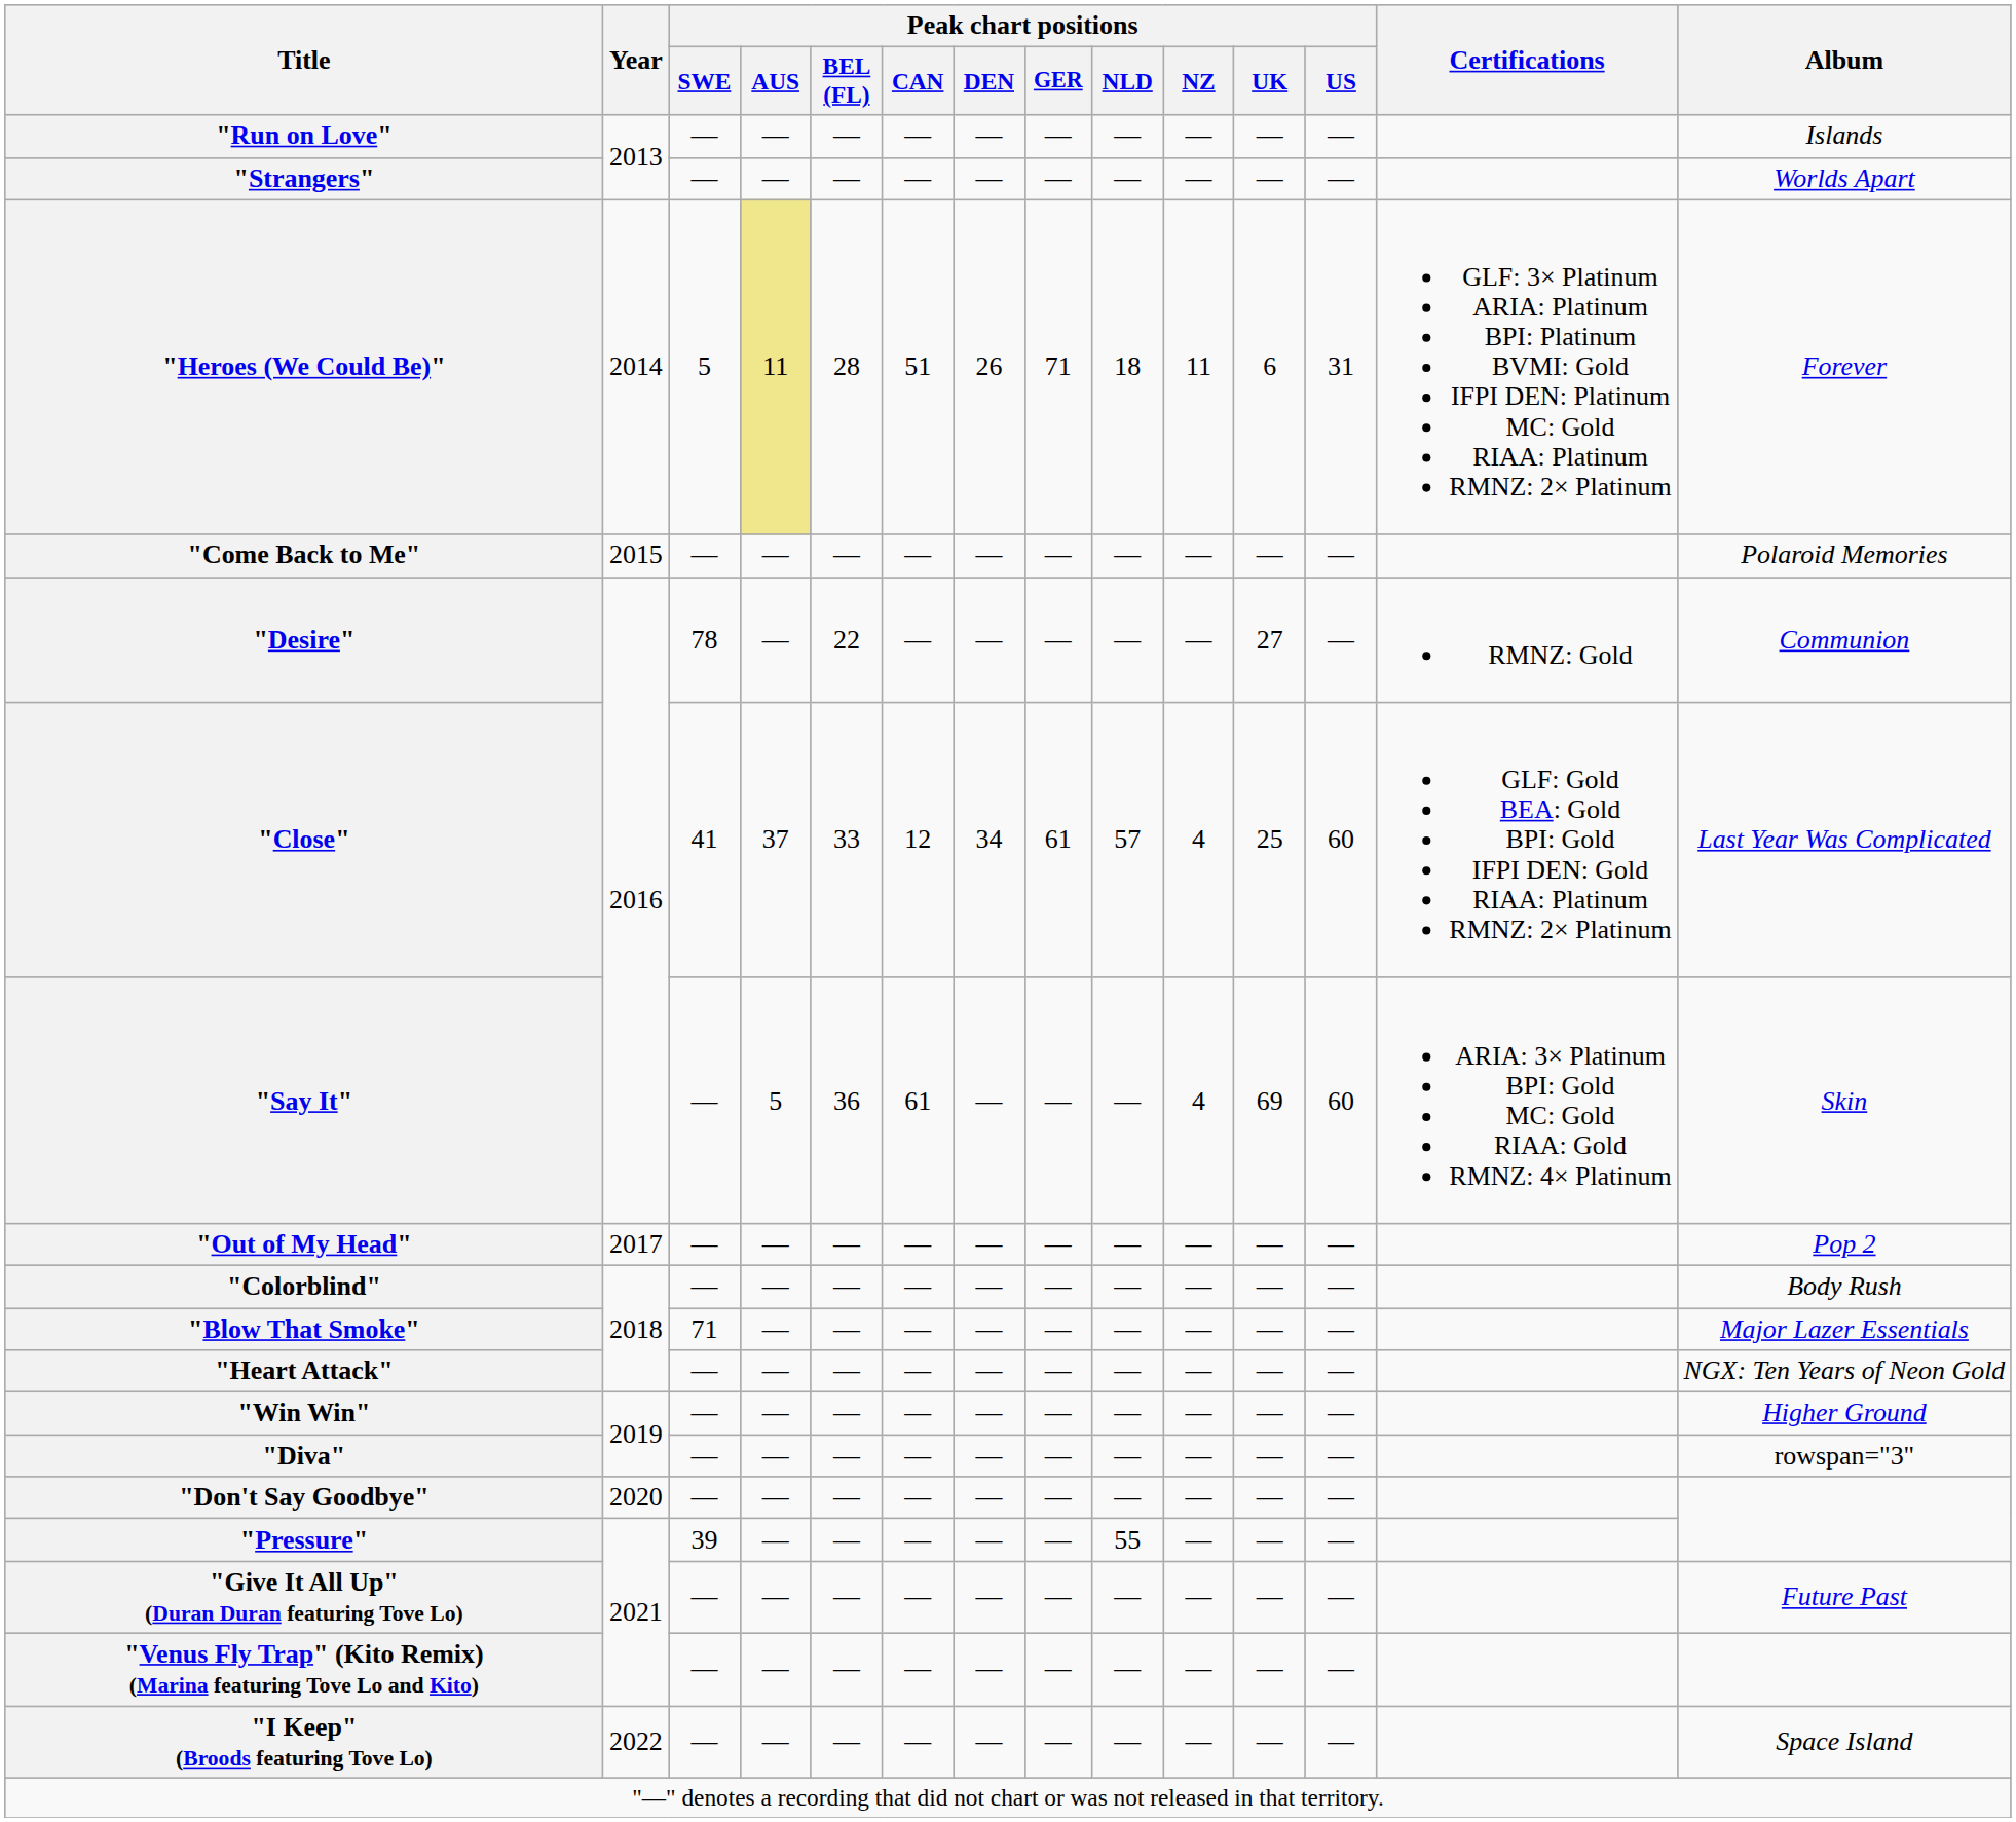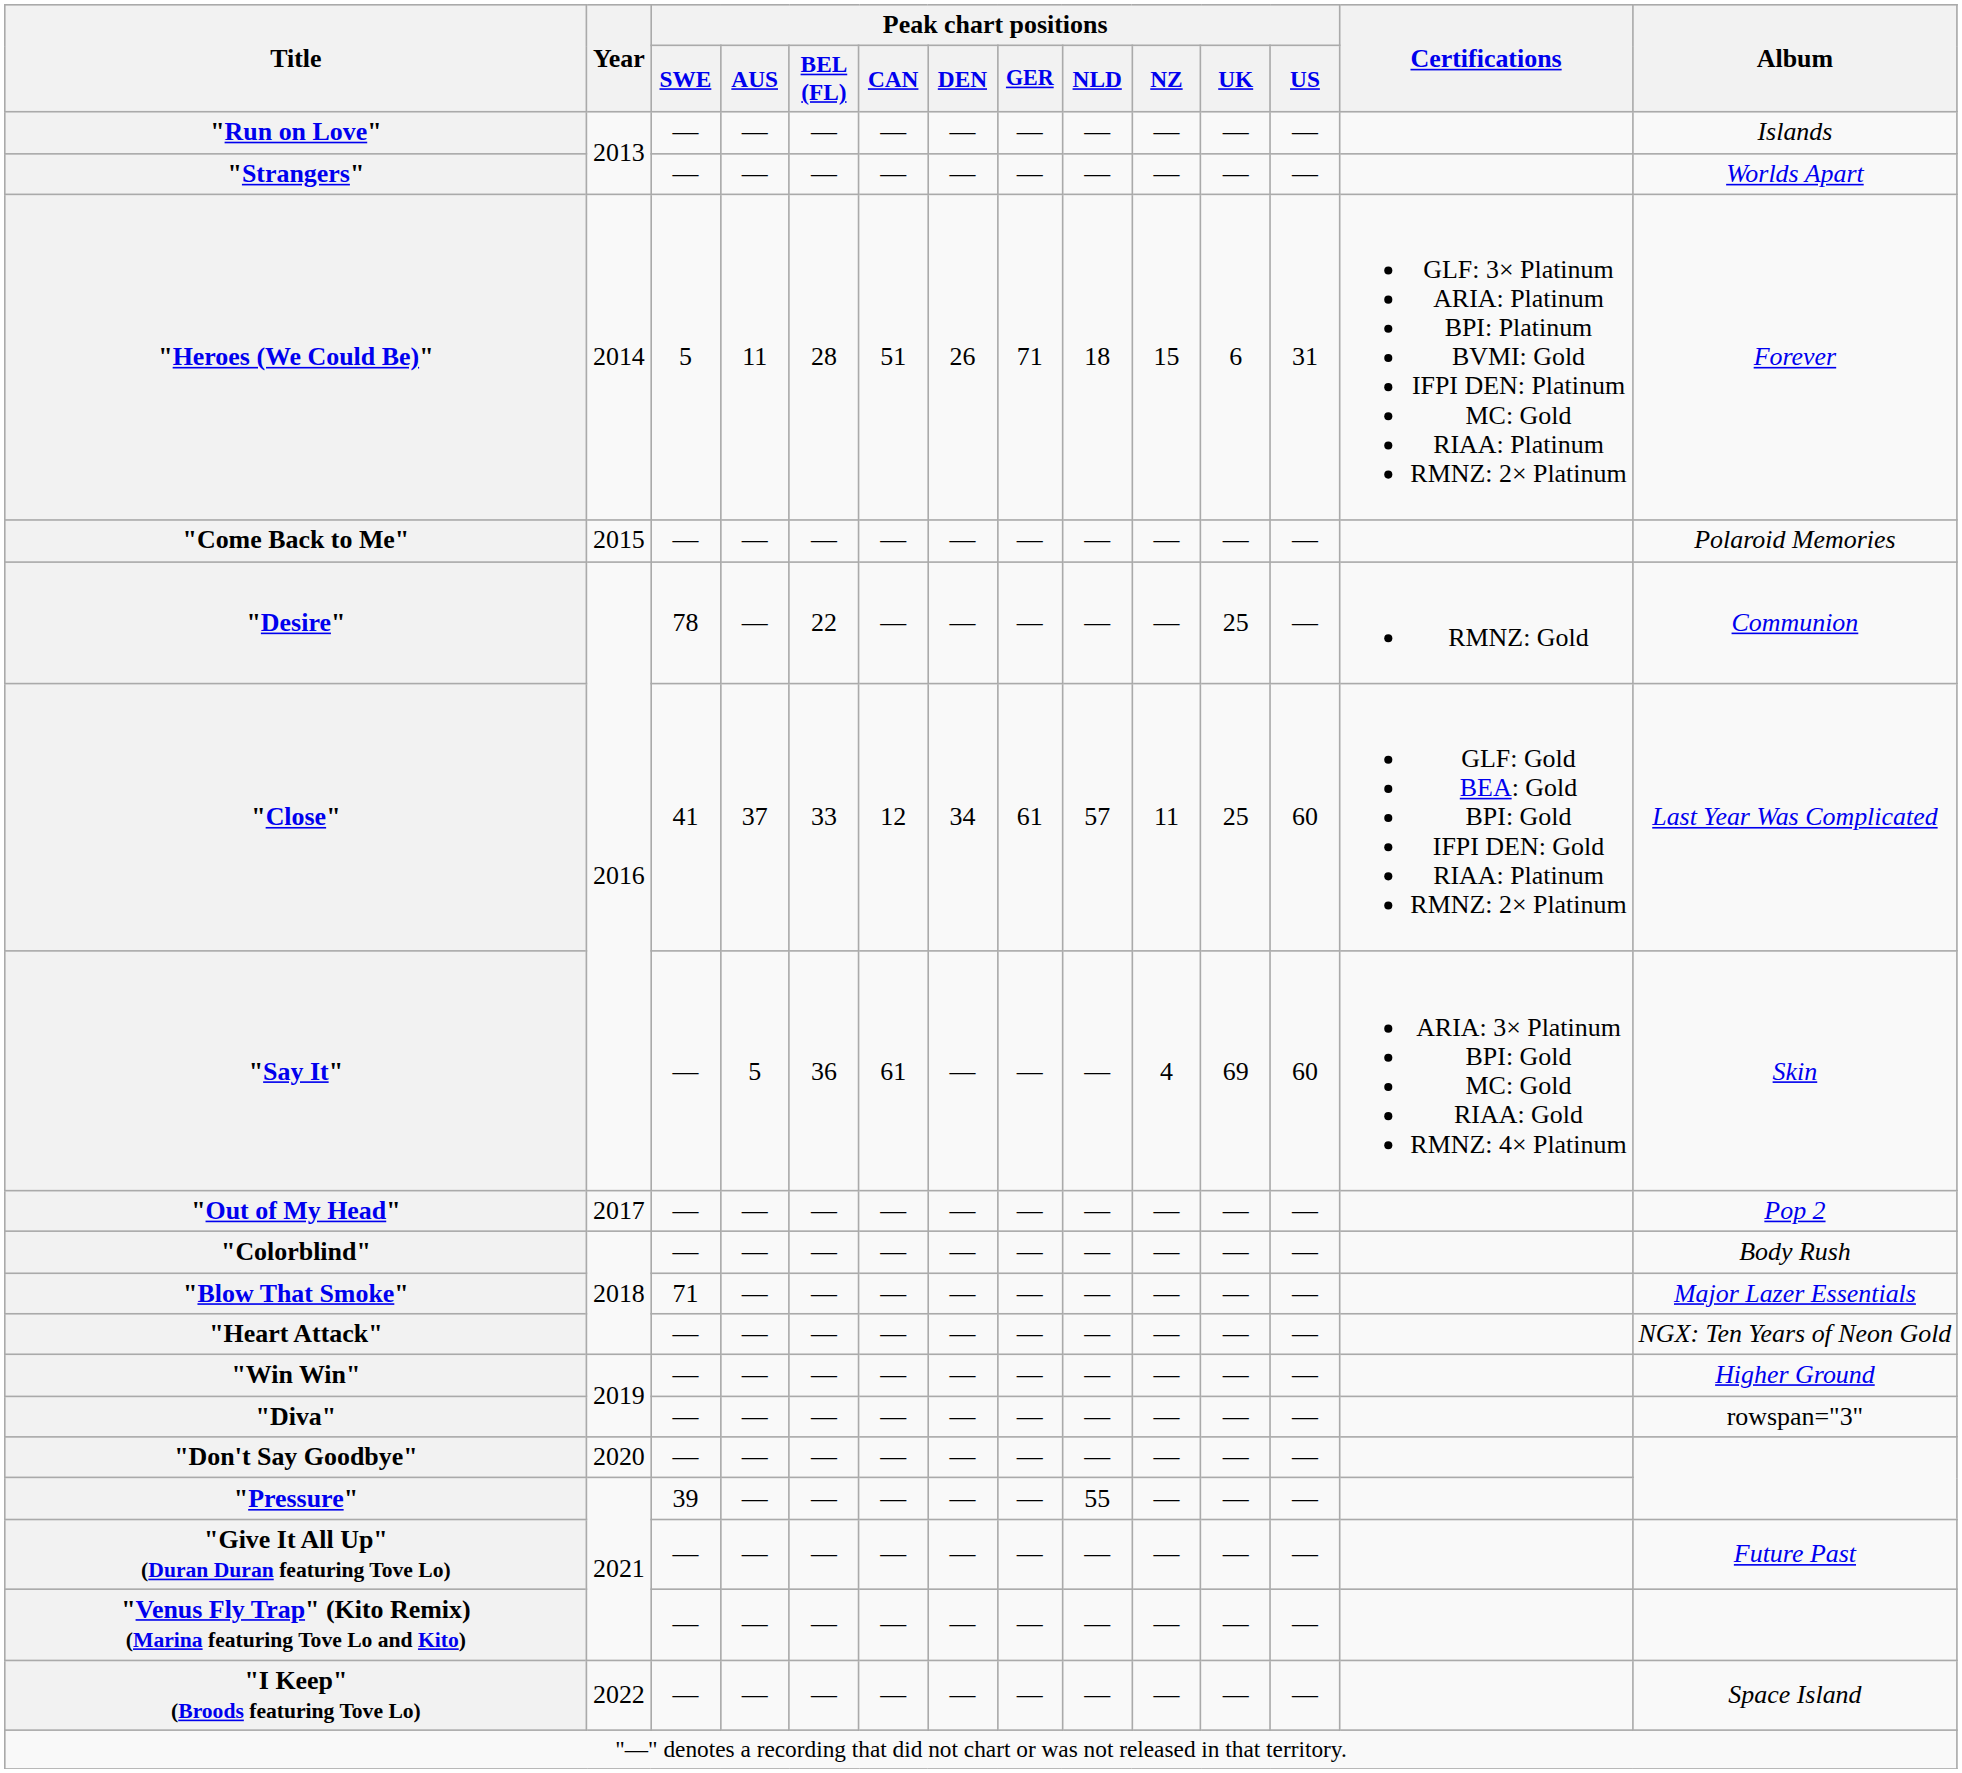 <table class="wikitable plainrowheaders" style="text-align:center;">
 <tr>
 <th scope="col" rowspan="2" style="width:22em;">Title</th>
 <th scope="col" rowspan="2" style="width:1em;">Year</th>
 <th scope="col" colspan="10">Peak chart positions</th>
 <th scope="col" rowspan="2"><a href='#'>Certifications</a></th>
 <th scope="col" rowspan="2">Album</th>
 </tr>
 <tr>
 <th scope="col" style="width:2.5em;font-size:90%;"><a href='#'>SWE</a><br></th>
 <th scope="col" style="width:2.5em;font-size:90%;"><a href='#'>AUS</a><br></th>
 <th scope="col" style="width:2.5em;font-size:90%;"><a href='#'>BEL<br>(FL)</a><br></th>
 <th scope="col" style="width:2.5em;font-size:90%;"><a href='#'>CAN</a><br></th>
 <th scope="col" style="width:2.5em;font-size:90%;"><a href='#'>DEN</a><br></th>
 <th scope="col" style="width:2.5em;font-size:85%;"><a href='#'>GER</a><br></th>
 <th scope="col" style="width:2.5em;font-size:90%;"><a href='#'>NLD</a><br></th>
 <th scope="col" style="width:2.5em;font-size:90%;"><a href='#'>NZ</a><br></th>
 <th scope="col" style="width:2.5em;font-size:90%;"><a href='#'>UK</a><br></th>
 <th scope="col" style="width:2.5em;font-size:90%;"><a href='#'>US</a><br></th>
 </tr>
 <tr>
 <th scope="row">"<a href='#'>Run on Love</a>"<br></th>
 <td rowspan="2">2013</td>
 <td>—</td>
 <td>—</td>
 <td>—</td>
 <td>—</td>
 <td>—</td>
 <td>—</td>
 <td>—</td>
 <td>—</td>
 <td>—</td>
 <td>—</td>
 <td></td>
 <td><em>Islands</em></td>
 </tr>
 <tr>
 <th scope="row">"<a href='#'>Strangers</a>"<br></th>
 <td>—</td>
 <td>—</td>
 <td>—</td>
 <td>—</td>
 <td>—</td>
 <td>—</td>
 <td>—</td>
 <td>—</td>
 <td>—</td>
 <td>—</td>
 <td></td>
 <td><em><a href='#'>Worlds Apart</a></em></td>
 </tr>
 <tr>
 <th scope="row">"<a href='#'>Heroes (We Could Be)</a>"<br></th>
 <td>2014</td>
 <td>5</td>
-<td style="background: khaki;">11</td>
+<td>11</td>
 <td>28</td>
 <td>51</td>
 <td>26</td>
 <td>71</td>
 <td>18</td>
-<td>11</td>
+<td>15</td>
 <td>6</td>
 <td>31</td>
 <td><br><ul><li>GLF: 3× Platinum</li><li>ARIA: Platinum</li><li>BPI: Platinum</li><li>BVMI: Gold</li><li>IFPI DEN: Platinum</li><li>MC: Gold</li><li>RIAA: Platinum</li><li>RMNZ: 2× Platinum</li></ul></td>
 <td><em><a href='#'>Forever</a></em></td>
 </tr>
 <tr>
 <th scope="row">"Come Back to Me"<br></th>
 <td>2015</td>
 <td>—</td>
 <td>—</td>
 <td>—</td>
 <td>—</td>
 <td>—</td>
 <td>—</td>
 <td>—</td>
 <td>—</td>
 <td>—</td>
 <td>—</td>
 <td></td>
 <td><em>Polaroid Memories</em></td>
 </tr>
 <tr>
 <th scope="row">"<a href='#'>Desire</a>"<br></th>
 <td rowspan="3">2016</td>
 <td>78</td>
 <td>—</td>
 <td>22</td>
 <td>—</td>
 <td>—</td>
 <td>—</td>
 <td>—</td>
 <td>—</td>
-<td>27</td>
+<td>25</td>
 <td>—</td>
 <td><br><ul><li>RMNZ: Gold</li></ul></td>
 <td><em><a href='#'>Communion</a></em></td>
 </tr>
 <tr>
 <th scope="row">"<a href='#'>Close</a>"<br></th>
 <td>41</td>
 <td>37</td>
 <td>33</td>
 <td>12</td>
 <td>34</td>
 <td>61</td>
 <td>57</td>
-<td>4</td>
+<td>11</td>
 <td>25</td>
 <td>60</td>
 <td><br><ul><li>GLF: Gold</li><li><a href='#'>BEA</a>: Gold</li><li>BPI: Gold</li><li>IFPI DEN: Gold</li><li>RIAA: Platinum</li><li>RMNZ: 2× Platinum</li></ul></td>
 <td><em><a href='#'>Last Year Was Complicated</a></em></td>
 </tr>
 <tr>
 <th scope="row">"<a href='#'>Say It</a>"<br></th>
 <td>—</td>
 <td>5</td>
 <td>36</td>
 <td>61</td>
 <td>—</td>
 <td>—</td>
 <td>—</td>
 <td>4</td>
 <td>69</td>
 <td>60</td>
 <td><br><ul><li>ARIA: 3× Platinum</li><li>BPI: Gold</li><li>MC: Gold</li><li>RIAA: Gold</li><li>RMNZ: 4× Platinum</li></ul></td>
 <td><em><a href='#'>Skin</a></em></td>
 </tr>
 <tr>
 <th scope="row">"<a href='#'>Out of My Head</a>"<br></th>
 <td>2017</td>
 <td>—</td>
 <td>—</td>
 <td>—</td>
 <td>—</td>
 <td>—</td>
 <td>—</td>
 <td>—</td>
 <td>—</td>
 <td>—</td>
 <td>—</td>
 <td></td>
 <td><em><a href='#'>Pop 2</a></em></td>
 </tr>
 <tr>
 <th scope="row">"Colorblind"<br></th>
 <td rowspan="3">2018</td>
 <td>—</td>
 <td>—</td>
 <td>—</td>
 <td>—</td>
 <td>—</td>
 <td>—</td>
 <td>—</td>
 <td>—</td>
 <td>—</td>
 <td>—</td>
 <td></td>
 <td><em>Body Rush</em></td>
 </tr>
 <tr>
 <th scope="row">"<a href='#'>Blow That Smoke</a>"<br></th>
 <td>71</td>
 <td>—</td>
 <td>—</td>
 <td>—</td>
 <td>—</td>
 <td>—</td>
 <td>—</td>
 <td>—</td>
 <td>—</td>
 <td>—</td>
 <td></td>
 <td><em><a href='#'>Major Lazer Essentials</a></em></td>
 </tr>
 <tr>
 <th scope="row">"Heart Attack"<br></th>
 <td>—</td>
 <td>—</td>
 <td>—</td>
 <td>—</td>
 <td>—</td>
 <td>—</td>
 <td>—</td>
 <td>—</td>
 <td>—</td>
 <td>—</td>
 <td></td>
 <td><em>NGX: Ten Years of Neon Gold</em></td>
 </tr>
 <tr>
 <th scope="row">"Win Win"<br></th>
 <td rowspan="2">2019</td>
 <td>—</td>
 <td>—</td>
 <td>—</td>
 <td>—</td>
 <td>—</td>
 <td>—</td>
 <td>—</td>
 <td>—</td>
 <td>—</td>
 <td>—</td>
 <td></td>
 <td><em><a href='#'>Higher Ground</a></em></td>
 </tr>
 <tr>
 <th scope="row">"Diva"<br></th>
 <td>—</td>
 <td>—</td>
 <td>—</td>
 <td>—</td>
 <td>—</td>
 <td>—</td>
 <td>—</td>
 <td>—</td>
 <td>—</td>
 <td>—</td>
 <td></td>
 <td>rowspan="3" </td>
 </tr>
 <tr>
 <th scope="row">"Don't Say Goodbye" <br></th>
 <td>2020</td>
 <td>—</td>
 <td>—</td>
 <td>—</td>
 <td>—</td>
 <td>—</td>
 <td>—</td>
 <td>—</td>
 <td>—</td>
 <td>—</td>
 <td>—</td>
 <td></td>
 </tr>
 <tr>
 <th scope="row">"<a href='#'>Pressure</a>" <br></th>
 <td rowspan="3">2021</td>
 <td>39</td>
 <td>—</td>
 <td>—</td>
 <td>—</td>
 <td>—</td>
 <td>—</td>
 <td>55</td>
 <td>—</td>
 <td>—</td>
 <td>—</td>
 <td></td>
 </tr>
 <tr>
 <th scope="row">"Give It All Up"<br><small>(<a href='#'>Duran Duran</a> featuring Tove Lo)</small></th>
 <td>—</td>
 <td>—</td>
 <td>—</td>
 <td>—</td>
 <td>—</td>
 <td>—</td>
 <td>—</td>
 <td>—</td>
 <td>—</td>
 <td>—</td>
 <td></td>
 <td><em><a href='#'>Future Past</a></em></td>
 </tr>
 <tr>
 <th scope="row">"<a href='#'>Venus Fly Trap</a>" (Kito Remix)<br><small>(<a href='#'>Marina</a> featuring Tove Lo and <a href='#'>Kito</a>)</small></th>
 <td>—</td>
 <td>—</td>
 <td>—</td>
 <td>—</td>
 <td>—</td>
 <td>—</td>
 <td>—</td>
 <td>—</td>
 <td>—</td>
 <td>—</td>
 <td></td>
 <td></td>
 </tr>
 <tr>
 <th scope="row">"I Keep"<br><small>(<a href='#'>Broods</a> featuring Tove Lo)</small></th>
 <td>2022</td>
 <td>—</td>
 <td>—</td>
 <td>—</td>
 <td>—</td>
 <td>—</td>
 <td>—</td>
 <td>—</td>
 <td>—</td>
 <td>—</td>
 <td>—</td>
 <td></td>
 <td><em>Space Island</em></td>
 </tr>
 <tr>
 <td colspan="14" style="font-size:90%">"—" denotes a recording that did not chart or was not released in that territory.</td>
 </tr>
 </table>
